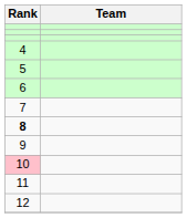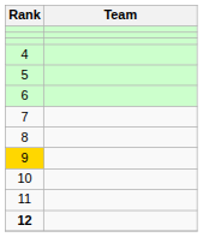 <table class="wikitable" style="text-align: center;">
 <tr>
 <th width=40>Rank</th>
 <th width=180>Team</th>
 </tr>
 <tr bgcolor=#ccffcc>
 <td></td>
 <td align=left></td>
 </tr>
 <tr bgcolor=#ccffcc>
 <td></td>
 <td align=left></td>
 </tr>
 <tr bgcolor=#ccffcc>
 <td></td>
 <td align=left></td>
 </tr>
 <tr bgcolor=#ccffcc>
 <td>4</td>
 <td align=left></td>
 </tr>
 <tr bgcolor=#ccffcc>
 <td>5</td>
 <td align=left></td>
 </tr>
 <tr bgcolor=#ccffcc>
 <td>6</td>
 <td align=left></td>
 </tr>
 <tr>
 <td>7</td>
 <td align=left></td>
 </tr>
 <tr>
-<td><strong>8</strong></td>
+<td>8</td>
 <td align=left></td>
 </tr>
 <tr>
-<td>9</td>
+<td style="background: gold;">9</td>
 <td align=left></td>
 </tr>
 <tr>
-<td style="background: pink;">10</td>
+<td>10</td>
 <td align=left></td>
 </tr>
 <tr>
 <td>11</td>
 <td align=left></td>
 </tr>
 <tr>
-<td>12</td>
+<td><strong>12</strong></td>
 <td align=left></td>
 </tr>
 <tr>
 </tr>
 </table>
